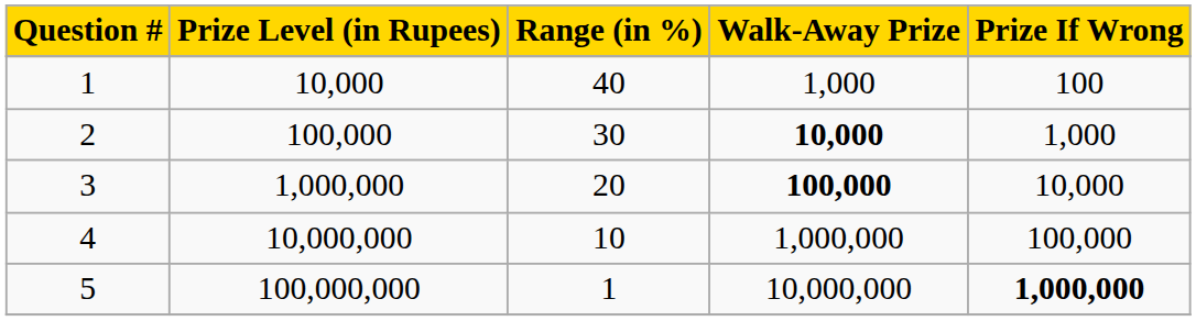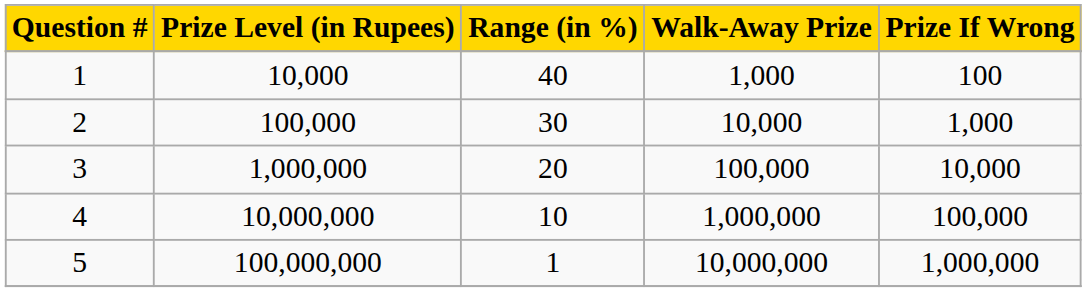 <table class="wikitable" style="margin:auto; text-align:center;">
 <tr>
 <th style="background:gold">Question #</th>
 <th style="background:gold">Prize Level (in Rupees)</th>
 <th style="background:gold">Range (in %)</th>
 <th style="background:gold">Walk-Away Prize</th>
 <th style="background:gold">Prize If Wrong</th>
 </tr>
 <tr>
 </tr>
 <tr>
 <td>1</td>
 <td>10,000</td>
 <td>40</td>
 <td>1,000</td>
 <td>100</td>
 </tr>
 <tr>
 <td>2</td>
 <td>100,000</td>
 <td>30</td>
-<td><strong>10,000</strong></td>
+<td>10,000</td>
 <td>1,000</td>
 </tr>
 <tr>
 <td>3</td>
 <td>1,000,000</td>
 <td>20</td>
-<td><strong>100,000</strong></td>
+<td>100,000</td>
 <td>10,000</td>
 </tr>
 <tr>
 <td>4</td>
 <td>10,000,000</td>
 <td>10</td>
 <td>1,000,000</td>
 <td>100,000</td>
 </tr>
 <tr>
 <td>5</td>
 <td>100,000,000</td>
 <td>1</td>
 <td>10,000,000</td>
-<td><strong>1,000,000</strong></td>
+<td>1,000,000</td>
 </tr>
 <tr>
 </tr>
 </table>
